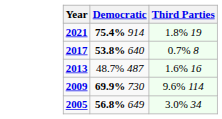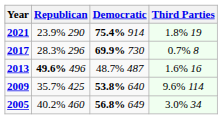 <table class="wikitable" style="float:right; font-size:95%;">
 <tr bgcolor=lightgrey>
 <th>Year</th>
+<th><a href='#'>Republican</a></th>
 <th><a href='#'>Democratic</a></th>
 <th><a href='#'>Third Parties</a></th>
 </tr>
 <tr>
 <td style="text-align:center; "><strong><a href='#'>2021</a></strong></td>
+<td style="text-align:center; ">23.9% <em>290</em></td>
 <td style="text-align:center; "><strong>75.4%</strong>  <em>914</em></td>
 <td style="text-align:center; background:honeyDew;">1.8% <em>19</em></td>
 </tr>
 <tr>
 <td style="text-align:center; "><strong><a href='#'>2017</a></strong></td>
-<td style="text-align:center; "><strong>53.8%</strong>  <em>640</em></td>
+<td style="text-align:center; ">28.3% <em>296</em></td>
+<td style="text-align:center; "><strong>69.9%</strong>  <em>730</em></td>
 <td style="text-align:center; background:honeyDew;">0.7% <em>8</em></td>
 </tr>
 <tr>
 <td style="text-align:center; "><strong><a href='#'>2013</a></strong></td>
+<td style="text-align:center; "><strong>49.6%</strong> <em>496</em></td>
 <td style="text-align:center; ">48.7%  <em>487</em></td>
 <td style="text-align:center; background:honeyDew;">1.6% <em>16</em></td>
 </tr>
 <tr>
 <td style="text-align:center; "><strong><a href='#'>2009</a></strong></td>
-<td style="text-align:center; "><strong>69.9%</strong>  <em>730</em></td>
+<td style="text-align:center; ">35.7% <em>425</em></td>
+<td style="text-align:center; "><strong>53.8%</strong>  <em>640</em></td>
 <td style="text-align:center; background:honeyDew;">9.6% <em>114</em></td>
 </tr>
 <tr>
 <td style="text-align:center; "><strong><a href='#'>2005</a></strong></td>
+<td style="text-align:center; ">40.2% <em>460</em></td>
 <td style="text-align:center; "><strong>56.8%</strong> <em>649</em></td>
 <td style="text-align:center; background:honeyDew;">3.0% <em>34</em></td>
 </tr>
 </table>
